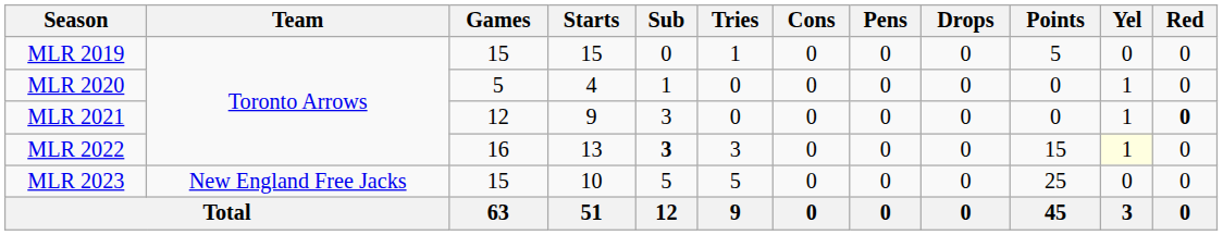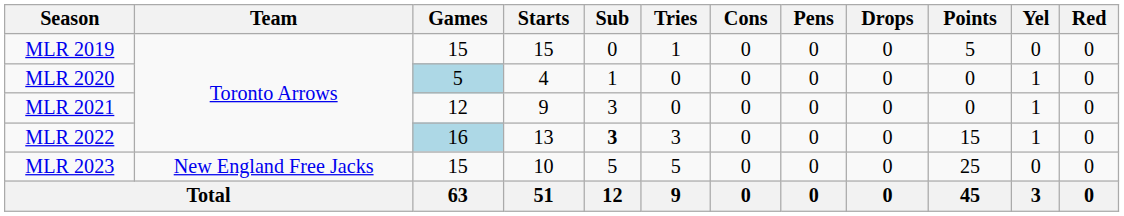 <table class="wikitable" style="text-align:center; line-height:100%; font-size:100%; width:70%;">
 <tr>
 <th>Season</th>
 <th>Team</th>
 <th>Games</th>
 <th>Starts</th>
 <th>Sub</th>
 <th>Tries</th>
 <th>Cons</th>
 <th>Pens</th>
 <th>Drops</th>
 <th>Points</th>
 <th>Yel</th>
 <th>Red</th>
 </tr>
 <tr>
 <td><a href='#'>MLR 2019</a></td>
 <td rowspan="4"><a href='#'>Toronto Arrows</a></td>
 <td>15</td>
 <td>15</td>
 <td>0</td>
 <td>1</td>
 <td>0</td>
 <td>0</td>
 <td>0</td>
 <td>5</td>
 <td>0</td>
 <td>0</td>
 </tr>
 <tr>
 <td><a href='#'>MLR 2020</a></td>
-<td>5</td>
+<td style="background: lightblue;">5</td>
 <td>4</td>
 <td>1</td>
 <td>0</td>
 <td>0</td>
 <td>0</td>
 <td>0</td>
 <td>0</td>
 <td>1</td>
 <td>0</td>
 </tr>
 <tr>
 <td><a href='#'>MLR 2021</a></td>
 <td>12</td>
 <td>9</td>
 <td>3</td>
 <td>0</td>
 <td>0</td>
 <td>0</td>
 <td>0</td>
 <td>0</td>
 <td>1</td>
-<td><strong>0</strong></td>
+<td>0</td>
 </tr>
 <tr>
 <td><a href='#'>MLR 2022</a></td>
-<td>16</td>
+<td style="background: lightblue;">16</td>
 <td>13</td>
 <td><strong>3</strong></td>
 <td>3</td>
 <td>0</td>
 <td>0</td>
 <td>0</td>
 <td>15</td>
-<td style="background: lightyellow;">1</td>
+<td>1</td>
 <td>0</td>
 </tr>
 <tr>
 <td><a href='#'>MLR 2023</a></td>
 <td><a href='#'>New England Free Jacks</a></td>
 <td>15</td>
 <td>10</td>
 <td>5</td>
 <td>5</td>
 <td>0</td>
 <td>0</td>
 <td>0</td>
 <td>25</td>
 <td>0</td>
 <td>0</td>
 </tr>
 <tr>
 <th colspan="2">Total</th>
 <th>63</th>
 <th>51</th>
 <th>12</th>
 <th>9</th>
 <th>0</th>
 <th>0</th>
 <th>0</th>
 <th>45</th>
 <th>3</th>
 <th>0</th>
 </tr>
 </table>
